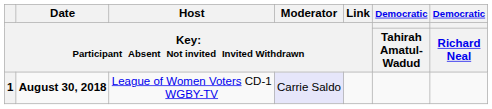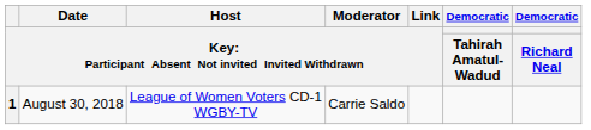 <table class="wikitable" style="text-align:center;">
 <tr>
 <th scope="col"></th>
 <th scope="col">Date</th>
 <th scope="col">Host</th>
 <th scope="col">Moderator</th>
 <th scope="col">Link</th>
 <th scope="col"><small><a href='#'>Democratic</a></small></th>
 <th scope="col"><small><a href='#'>Democratic</a></small></th>
 </tr>
 <tr>
 <th colspan="5" rowspan="2">Key:<br> <small>Participant </small>  <small>Absent </small>  <small>Not invited </small>  <small>Invited  Withdrawn</small></th>
 <th scope="col" style="background:"></th>
 <th scope="col" style="background:"></th>
 </tr>
 <tr>
 <th scope="col">Tahirah Amatul-Wadud</th>
 <th scope="col"><a href='#'>Richard Neal</a></th>
 </tr>
 <tr>
 <th>1</th>
-<td style="white-space:nowrap;"><strong>August 30, 2018</strong></td>
+<td style="white-space:nowrap;">August 30, 2018</td>
 <td style="white-space:nowrap;"><a href='#'>League of Women Voters</a> CD-1<br> <a href='#'>WGBY-TV</a></td>
-<td style="background: lavender; white-space:nowrap;">Carrie Saldo</td>
+<td style="white-space:nowrap;">Carrie Saldo</td>
 <td style="white-space:nowrap;"></td>
 <td></td>
 <td></td>
 </tr>
 </table>
